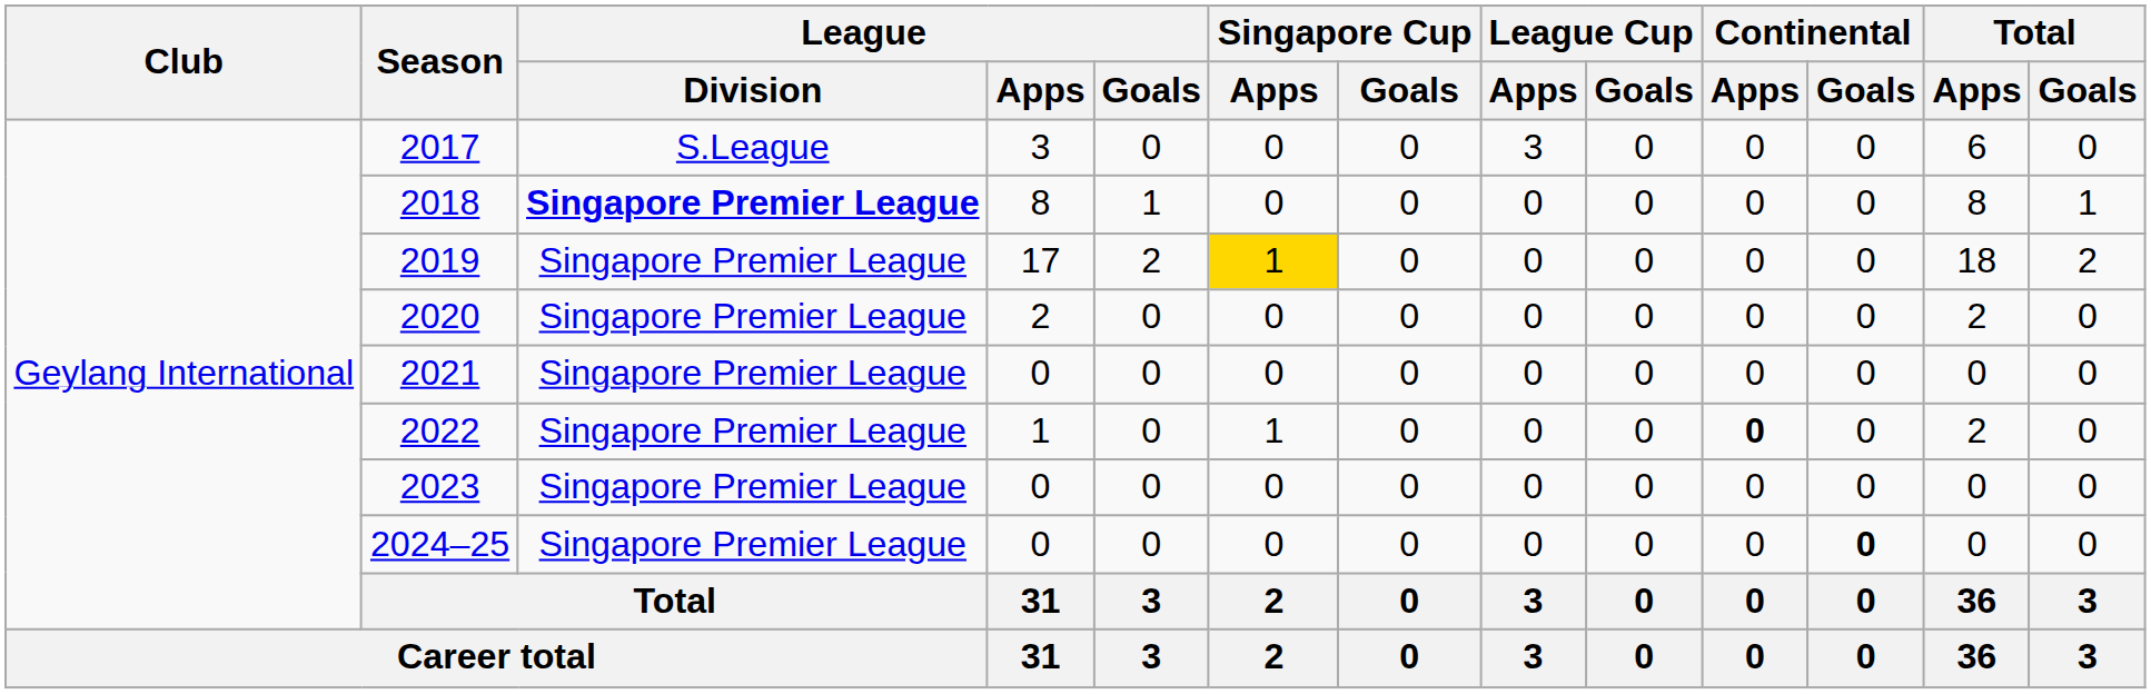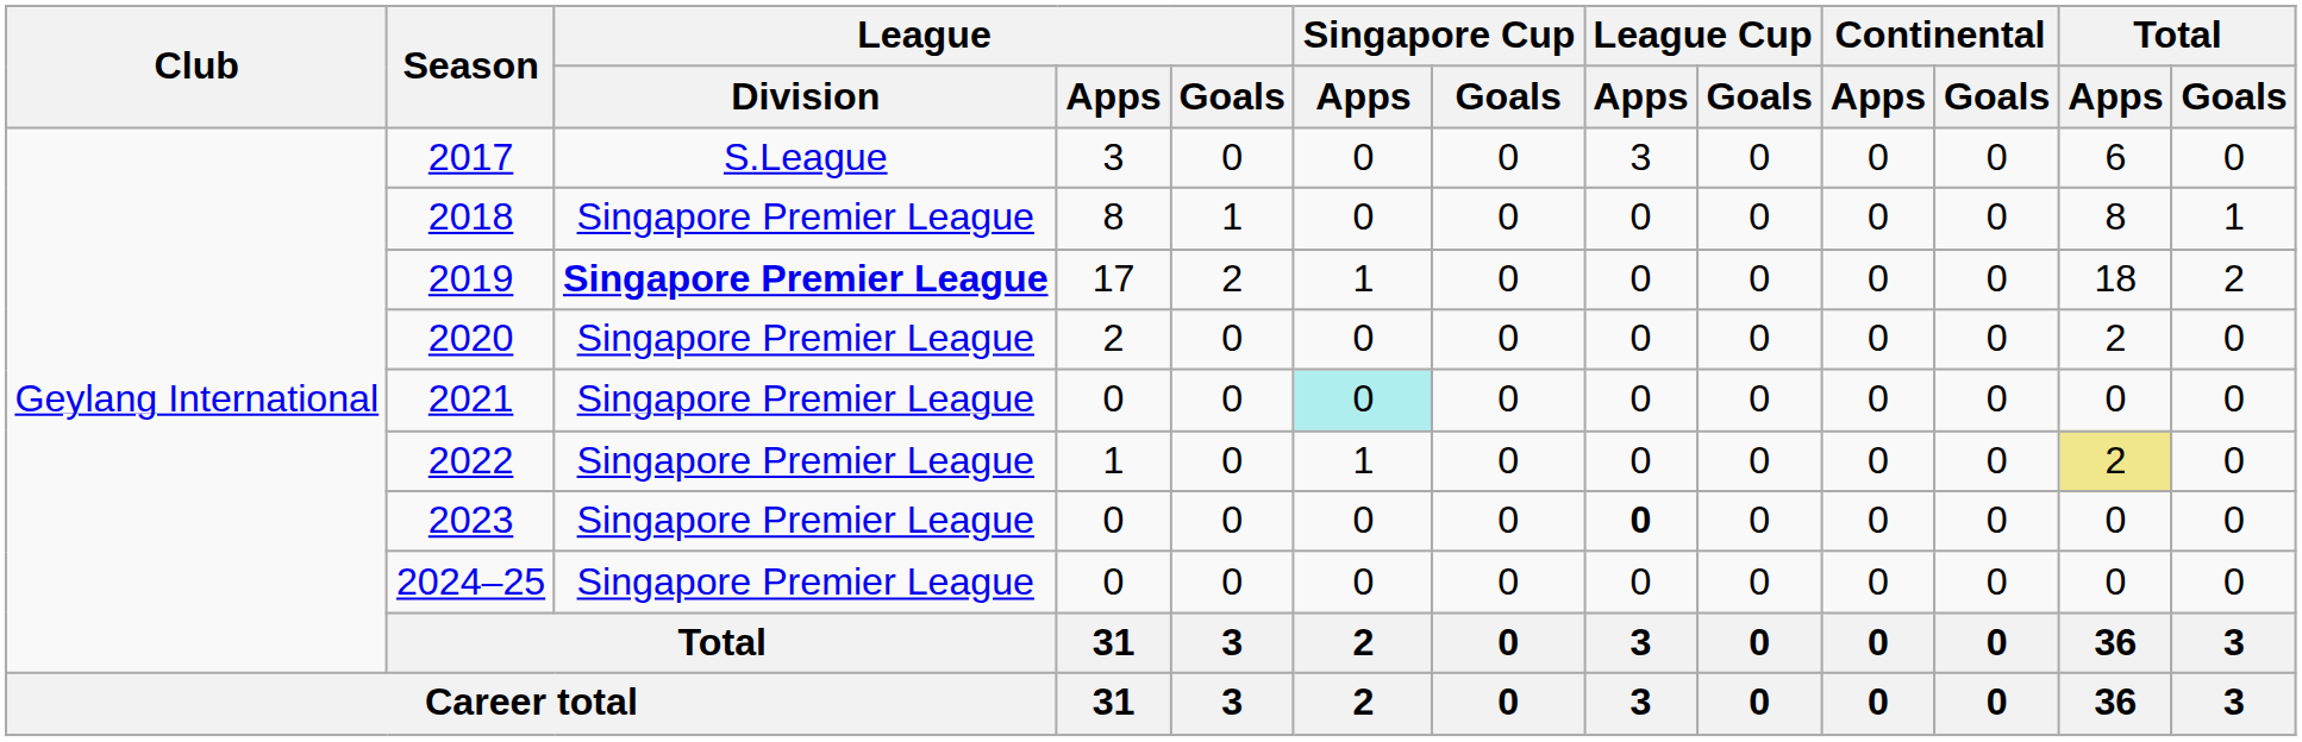 <table class="wikitable" style="text-align: center">
 <tr>
 <th rowspan="2">Club</th>
 <th rowspan="2">Season</th>
 <th colspan="3">League</th>
 <th colspan="2">Singapore Cup</th>
 <th colspan="2">League Cup</th>
 <th colspan="2">Continental</th>
 <th colspan="2">Total</th>
 </tr>
 <tr>
 <th>Division</th>
 <th>Apps</th>
 <th>Goals</th>
 <th>Apps</th>
 <th>Goals</th>
 <th>Apps</th>
 <th>Goals</th>
 <th>Apps</th>
 <th>Goals</th>
 <th>Apps</th>
 <th>Goals</th>
 </tr>
 <tr>
 <td rowspan="9"><a href='#'>Geylang International</a></td>
 <td><a href='#'>2017</a></td>
 <td><a href='#'>S.League</a></td>
 <td>3</td>
 <td>0</td>
 <td>0</td>
 <td>0</td>
 <td>3</td>
 <td>0</td>
 <td>0</td>
 <td>0</td>
 <td>6</td>
 <td>0</td>
 </tr>
 <tr>
 <td><a href='#'>2018</a></td>
-<td><strong><a href='#'>Singapore Premier League</a></strong></td>
+<td><a href='#'>Singapore Premier League</a></td>
 <td>8</td>
 <td>1</td>
 <td>0</td>
 <td>0</td>
 <td>0</td>
 <td>0</td>
 <td>0</td>
 <td>0</td>
 <td>8</td>
 <td>1</td>
 </tr>
 <tr>
 <td><a href='#'>2019</a></td>
-<td><a href='#'>Singapore Premier League</a></td>
+<td><strong><a href='#'>Singapore Premier League</a></strong></td>
 <td>17</td>
 <td>2</td>
-<td style="background: gold;">1</td>
+<td>1</td>
 <td>0</td>
 <td>0</td>
 <td>0</td>
 <td>0</td>
 <td>0</td>
 <td>18</td>
 <td>2</td>
 </tr>
 <tr>
 <td><a href='#'>2020</a></td>
 <td><a href='#'>Singapore Premier League</a></td>
 <td>2</td>
 <td>0</td>
 <td>0</td>
 <td>0</td>
 <td>0</td>
 <td>0</td>
 <td>0</td>
 <td>0</td>
 <td>2</td>
 <td>0</td>
 </tr>
 <tr>
 <td><a href='#'>2021</a></td>
 <td><a href='#'>Singapore Premier League</a></td>
 <td>0</td>
 <td>0</td>
-<td>0</td>
+<td style="background: paleturquoise;">0</td>
 <td>0</td>
 <td>0</td>
 <td>0</td>
 <td>0</td>
 <td>0</td>
 <td>0</td>
 <td>0</td>
 </tr>
 <tr>
 <td><a href='#'>2022</a></td>
 <td><a href='#'>Singapore Premier League</a></td>
 <td>1</td>
 <td>0</td>
 <td>1</td>
 <td>0</td>
 <td>0</td>
 <td>0</td>
-<td><strong>0</strong></td>
 <td>0</td>
-<td>2</td>
+<td>0</td>
+<td style="background: khaki;">2</td>
 <td>0</td>
 </tr>
 <tr>
 <td><a href='#'>2023</a></td>
 <td><a href='#'>Singapore Premier League</a></td>
 <td>0</td>
 <td>0</td>
 <td>0</td>
 <td>0</td>
-<td>0</td>
+<td><strong>0</strong></td>
 <td>0</td>
 <td>0</td>
 <td>0</td>
 <td>0</td>
 <td>0</td>
 </tr>
 <tr>
 <td><a href='#'>2024–25</a></td>
 <td><a href='#'>Singapore Premier League</a></td>
 <td>0</td>
 <td>0</td>
 <td>0</td>
 <td>0</td>
 <td>0</td>
 <td>0</td>
 <td>0</td>
-<td><strong>0</strong></td>
+<td>0</td>
 <td>0</td>
 <td>0</td>
 </tr>
 <tr>
 <th colspan=2>Total</th>
 <th>31</th>
 <th>3</th>
 <th>2</th>
 <th>0</th>
 <th>3</th>
 <th>0</th>
 <th>0</th>
 <th>0</th>
 <th>36</th>
 <th>3</th>
 </tr>
 <tr>
 <th colspan=3>Career total</th>
 <th>31</th>
 <th>3</th>
 <th>2</th>
 <th>0</th>
 <th>3</th>
 <th>0</th>
 <th>0</th>
 <th>0</th>
 <th>36</th>
 <th>3</th>
 </tr>
 </table>
